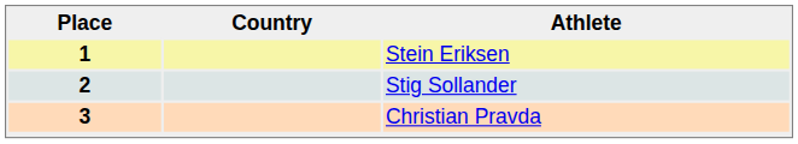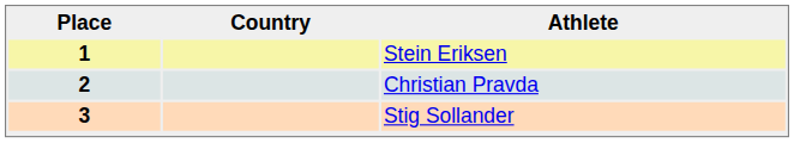 <table style="border-style:solid;border-width:1px;border-color:#808080;background-color:#EFEFEF" cellspacing="2" cellpadding="2" width="600">
 <tr bgcolor="#EFEFEF">
 <th>Place</th>
 <th>Country</th>
 <th>Athlete</th>
 </tr>
 <tr align="center" valign="top" bgcolor="#F7F6A8">
 <th>1</th>
 <td align=left></td>
 <td align="left"><a href='#'>Stein Eriksen</a></td>
 </tr>
 <tr align="center" valign="top" bgcolor="#DCE5E5">
 <th>2</th>
 <td align=left></td>
-<td align="left"><a href='#'>Stig Sollander</a></td>
+<td align="left"><a href='#'>Christian Pravda</a></td>
 </tr>
 <tr align="center" valign="top" bgcolor="#FFDAB9">
 <th>3</th>
 <td align=left></td>
-<td align="left"><a href='#'>Christian Pravda</a></td>
+<td align="left"><a href='#'>Stig Sollander</a></td>
 </tr>
 <tr align="center" valign="top" bgcolor="#FFFFFF">
 </tr>
 </table>
